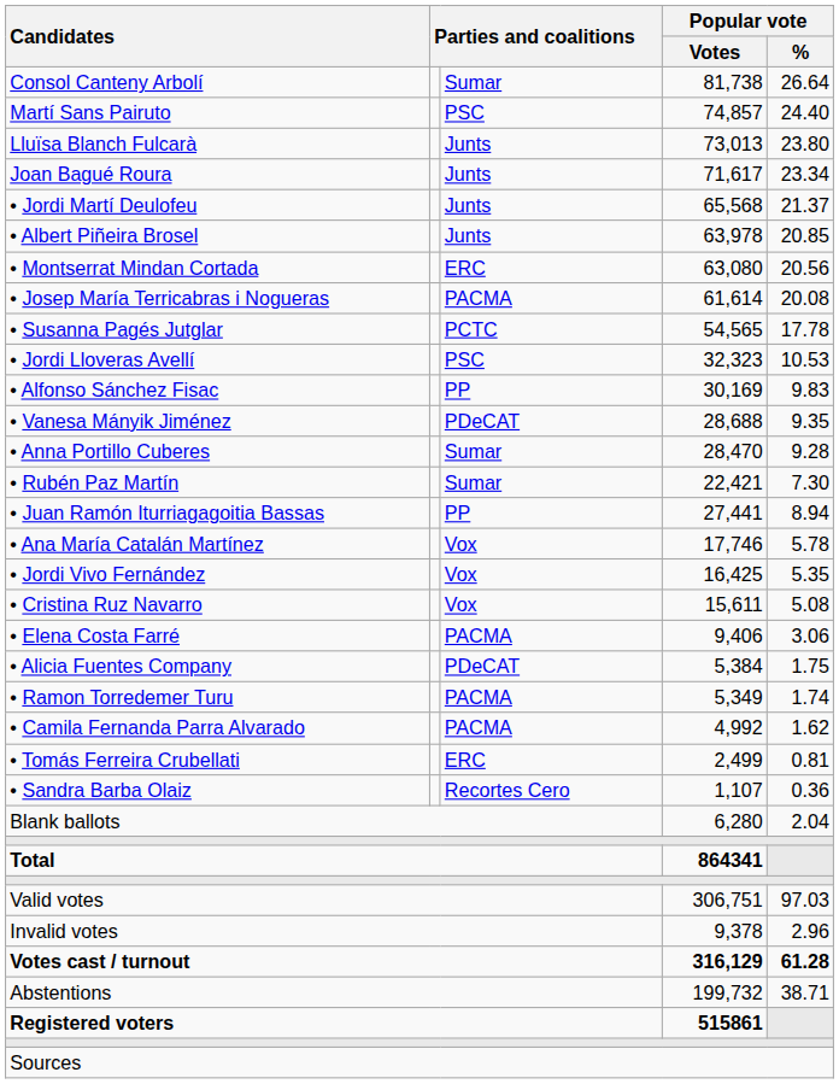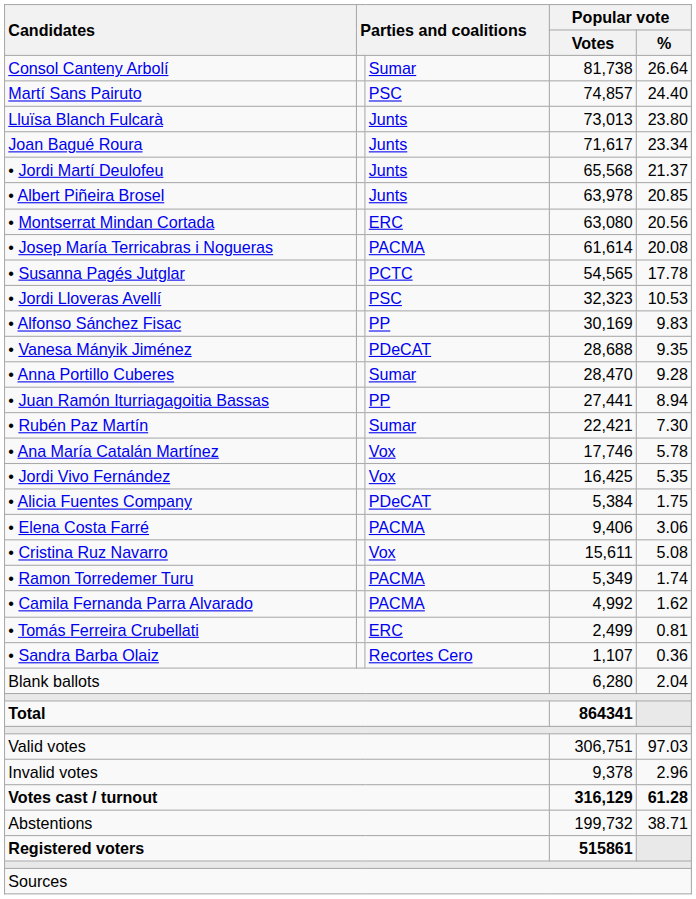 <table class="wikitable" style="text-align:right; font-size:95%;">
 <tr>
 <th style="text-align:left;" rowspan="2" width="325">Candidates</th>
 <th style="text-align:left;" rowspan="2" colspan="2" width="175">Parties and coalitions</th>
 <th colspan="2">Popular vote</th>
 </tr>
 <tr>
 <th width="75">Votes</th>
 <th width="45">%</th>
 </tr>
 <tr>
 <td align="left"> <a href='#'>Consol Canteny Arbolí</a></td>
 <td width="1" style="color:inherit;background:"></td>
 <td align="left"><a href='#'>Sumar</a></td>
 <td>81,738</td>
 <td>26.64</td>
 </tr>
 <tr>
 <td align="left"> <a href='#'>Martí Sans Pairuto</a></td>
 <td width="1" style="color:inherit;background:"></td>
 <td align="left"><a href='#'>PSC</a></td>
 <td>74,857</td>
 <td>24.40</td>
 </tr>
 <tr>
 <td align="left"> <a href='#'>Lluïsa Blanch Fulcarà</a></td>
 <td width="1" style="color:inherit;background:"></td>
 <td align="left"><a href='#'>Junts</a></td>
 <td>73,013</td>
 <td>23.80</td>
 </tr>
 <tr>
 <td align="left"> <a href='#'>Joan Bagué Roura</a></td>
 <td width="1" style="color:inherit;background:"></td>
 <td align="left"><a href='#'>Junts</a></td>
 <td>71,617</td>
 <td>23.34</td>
 </tr>
 <tr>
 <td align="left">• <a href='#'>Jordi Martí Deulofeu</a></td>
 <td width="1" style="color:inherit;background:"></td>
 <td align="left"><a href='#'>Junts</a></td>
 <td>65,568</td>
 <td>21.37</td>
 </tr>
 <tr>
 <td align="left">• <a href='#'>Albert Piñeira Brosel</a></td>
 <td width="1" style="color:inherit;background:"></td>
 <td align="left"><a href='#'>Junts</a></td>
 <td>63,978</td>
 <td>20.85</td>
 </tr>
 <tr>
 <td align="left">• <a href='#'>Montserrat Mindan Cortada</a></td>
 <td width="1" style="color:inherit;background:"></td>
 <td align="left"><a href='#'>ERC</a></td>
 <td>63,080</td>
 <td>20.56</td>
 </tr>
 <tr>
 <td align="left">• <a href='#'>Josep María Terricabras i Nogueras</a></td>
 <td width="1" style="color:inherit;background:"></td>
 <td align="left"><a href='#'>PACMA</a></td>
 <td>61,614</td>
 <td>20.08</td>
 </tr>
 <tr>
 <td align="left">• <a href='#'>Susanna Pagés Jutglar</a></td>
 <td width="1" style="color:inherit;background:"></td>
 <td align="left"><a href='#'>PCTC</a></td>
 <td>54,565</td>
 <td>17.78</td>
 </tr>
 <tr>
 <td align="left">• <a href='#'>Jordi Lloveras Avellí</a></td>
 <td width="1" style="color:inherit;background:"></td>
 <td align="left"><a href='#'>PSC</a></td>
 <td>32,323</td>
 <td>10.53</td>
 </tr>
 <tr>
 <td align="left">• <a href='#'>Alfonso Sánchez Fisac</a></td>
 <td width="1" style="color:inherit;background:"></td>
 <td align="left"><a href='#'>PP</a></td>
 <td>30,169</td>
 <td>9.83</td>
 </tr>
 <tr>
 <td align="left">• <a href='#'>Vanesa Mányik Jiménez</a></td>
 <td width="1" style="color:inherit;background:"></td>
 <td align="left"><a href='#'>PDeCAT</a></td>
 <td>28,688</td>
 <td>9.35</td>
 </tr>
 <tr>
 <td align="left">• <a href='#'>Anna Portillo Cuberes</a></td>
 <td width="1" style="color:inherit;background:"></td>
 <td align="left"><a href='#'>Sumar</a></td>
 <td>28,470</td>
 <td>9.28</td>
 </tr>
 <tr>
+<td align="left">• <a href='#'>Juan Ramón Iturriagagoitia Bassas</a></td>
+<td width="1" style="color:inherit;background:"></td>
+<td align="left"><a href='#'>PP</a></td>
+<td>27,441</td>
+<td>8.94</td>
+</tr>
+<tr>
 <td align="left">• <a href='#'>Rubén Paz Martín</a></td>
 <td width="1" style="color:inherit;background:"></td>
 <td align="left"><a href='#'>Sumar</a></td>
 <td>22,421</td>
 <td>7.30</td>
-</tr>
-<tr>
-<td align="left">• <a href='#'>Juan Ramón Iturriagagoitia Bassas</a></td>
-<td width="1" style="color:inherit;background:"></td>
-<td align="left"><a href='#'>PP</a></td>
-<td>27,441</td>
-<td>8.94</td>
 </tr>
 <tr>
 <td align="left">• <a href='#'>Ana María Catalán Martínez</a></td>
 <td width="1" style="color:inherit;background:"></td>
 <td align="left"><a href='#'>Vox</a></td>
 <td>17,746</td>
 <td>5.78</td>
 </tr>
 <tr>
 <td align="left">• <a href='#'>Jordi Vivo Fernández</a></td>
 <td width="1" style="color:inherit;background:"></td>
 <td align="left"><a href='#'>Vox</a></td>
 <td>16,425</td>
 <td>5.35</td>
 </tr>
 <tr>
-<td align="left">• <a href='#'>Cristina Ruz Navarro</a></td>
+<td align="left">• <a href='#'>Alicia Fuentes Company</a></td>
 <td width="1" style="color:inherit;background:"></td>
-<td align="left"><a href='#'>Vox</a></td>
-<td>15,611</td>
-<td>5.08</td>
+<td align="left"><a href='#'>PDeCAT</a></td>
+<td>5,384</td>
+<td>1.75</td>
 </tr>
 <tr>
 <td align="left">• <a href='#'>Elena Costa Farré</a></td>
 <td width="1" style="color:inherit;background:"></td>
 <td align="left"><a href='#'>PACMA</a></td>
 <td>9,406</td>
 <td>3.06</td>
 </tr>
 <tr>
-<td align="left">• <a href='#'>Alicia Fuentes Company</a></td>
+<td align="left">• <a href='#'>Cristina Ruz Navarro</a></td>
 <td width="1" style="color:inherit;background:"></td>
-<td align="left"><a href='#'>PDeCAT</a></td>
-<td>5,384</td>
-<td>1.75</td>
+<td align="left"><a href='#'>Vox</a></td>
+<td>15,611</td>
+<td>5.08</td>
 </tr>
 <tr>
 <td align="left">• <a href='#'>Ramon Torredemer Turu</a></td>
 <td width="1" style="color:inherit;background:"></td>
 <td align="left"><a href='#'>PACMA</a></td>
 <td>5,349</td>
 <td>1.74</td>
 </tr>
 <tr>
 <td align="left">• <a href='#'>Camila Fernanda Parra Alvarado</a></td>
 <td width="1" style="color:inherit;background:"></td>
 <td align="left"><a href='#'>PACMA</a></td>
 <td>4,992</td>
 <td>1.62</td>
 </tr>
 <tr>
 <td align="left">• <a href='#'>Tomás Ferreira Crubellati</a></td>
 <td width="1" style="color:inherit;background:"></td>
 <td align="left"><a href='#'>ERC</a></td>
 <td>2,499</td>
 <td>0.81</td>
 </tr>
 <tr>
 <td align="left">• <a href='#'>Sandra Barba Olaiz</a></td>
 <td width="1" style="color:inherit;background:"></td>
 <td align="left"><a href='#'>Recortes Cero</a></td>
 <td>1,107</td>
 <td>0.36</td>
 </tr>
 <tr>
 <td align="left" colspan="3">Blank ballots</td>
 <td>6,280</td>
 <td>2.04</td>
 </tr>
 <tr>
 <td colspan="5" bgcolor="#E9E9E9"></td>
 </tr>
 <tr style="font-weight:bold;">
 <td align="left" colspan="3">Total</td>
 <td>864341</td>
 <td bgcolor="#E9E9E9"></td>
 </tr>
 <tr>
 <td colspan="5" bgcolor="#E9E9E9"></td>
 </tr>
 <tr>
 <td align="left" colspan="3">Valid votes</td>
 <td>306,751</td>
 <td>97.03</td>
 </tr>
 <tr>
 <td align="left" colspan="3">Invalid votes</td>
 <td>9,378</td>
 <td>2.96</td>
 </tr>
 <tr style="font-weight:bold;">
 <td align="left" colspan="3">Votes cast / turnout</td>
 <td>316,129</td>
 <td>61.28</td>
 </tr>
 <tr>
 <td align="left" colspan="3">Abstentions</td>
 <td>199,732</td>
 <td>38.71</td>
 </tr>
 <tr style="font-weight:bold;">
 <td align="left" colspan="3">Registered voters</td>
 <td>515861</td>
 <td bgcolor="#E9E9E9"></td>
 </tr>
 <tr>
 <td colspan="5" bgcolor="#E9E9E9"></td>
 </tr>
 <tr>
 <td align="left" colspan="5">Sources</td>
 </tr>
 </table>
